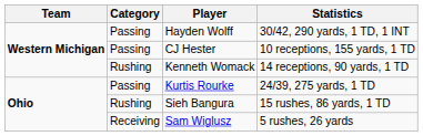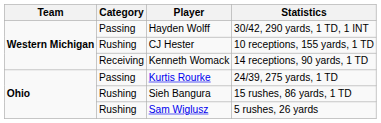 <table class="wikitable" style="float: right;">
 <tr>
 <th>Team</th>
 <th>Category</th>
 <th>Player</th>
 <th>Statistics</th>
 </tr>
 <tr>
 <td rowspan=3><strong>Western Michigan</strong></td>
 <td>Passing</td>
 <td>Hayden Wolff</td>
 <td>30/42, 290 yards, 1 TD, 1 INT</td>
 </tr>
 <tr>
-<td>Passing</td>
+<td>Rushing</td>
 <td>CJ Hester</td>
 <td>10 receptions, 155 yards, 1 TD</td>
 </tr>
 <tr>
-<td>Rushing</td>
+<td>Receiving</td>
 <td>Kenneth Womack</td>
 <td>14 receptions, 90 yards, 1 TD</td>
 </tr>
 <tr>
 <td rowspan=3><strong>Ohio</strong></td>
 <td>Passing</td>
 <td><a href='#'>Kurtis Rourke</a></td>
 <td>24/39, 275 yards, 1 TD</td>
 </tr>
 <tr>
 <td>Rushing</td>
 <td>Sieh Bangura</td>
 <td>15 rushes, 86 yards, 1 TD</td>
 </tr>
 <tr>
-<td>Receiving</td>
+<td>Rushing</td>
 <td><a href='#'>Sam Wiglusz</a></td>
 <td>5 rushes, 26 yards</td>
 </tr>
 </table>
